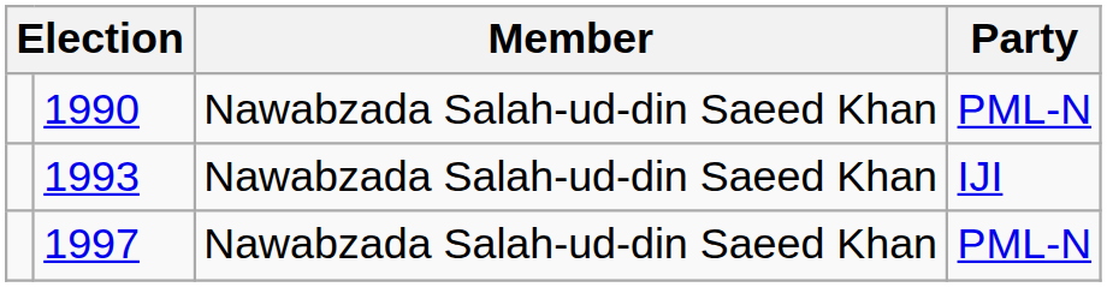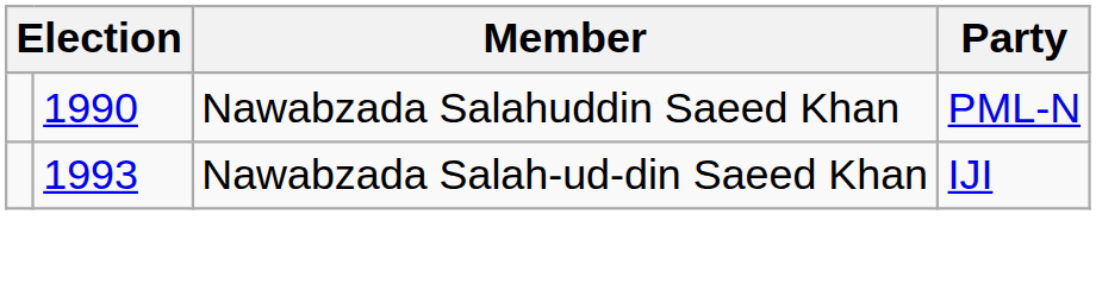 <table class="wikitable">
 <tr>
 <th colspan="2">Election</th>
 <th>Member</th>
 <th>Party</th>
 </tr>
 <tr>
 <td style="background-color: "></td>
 <td><a href='#'>1990</a></td>
-<td>Nawabzada Salah-ud-din Saeed Khan</td>
+<td>Nawabzada Salahuddin Saeed Khan</td>
 <td><a href='#'>PML-N</a></td>
 </tr>
 <tr>
 <td style="background-color: "></td>
 <td><a href='#'>1993</a></td>
 <td>Nawabzada Salah-ud-din Saeed Khan</td>
 <td><a href='#'>IJI</a></td>
 </tr>
-<tr>
-<td style="background-color: "></td>
-<td><a href='#'>1997</a></td>
-<td>Nawabzada Salah-ud-din Saeed Khan</td>
-<td><a href='#'>PML-N</a></td>
-</tr>
 </table>
